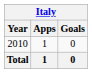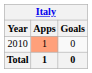 <table class="wikitable" style="text-align:center">
 <tr>
 <th colspan=3><a href='#'>Italy</a></th>
 </tr>
 <tr>
 <th>Year</th>
 <th>Apps</th>
 <th>Goals</th>
 </tr>
 <tr>
 <td>2010</td>
-<td>1</td>
+<td style="background: lightsalmon;">1</td>
 <td>0</td>
 </tr>
 <tr>
 <th>Total</th>
 <th>1</th>
 <th>0</th>
 </tr>
 </table>
